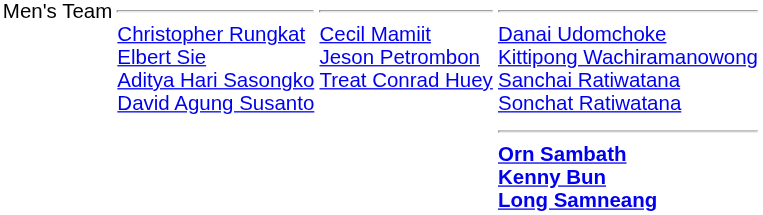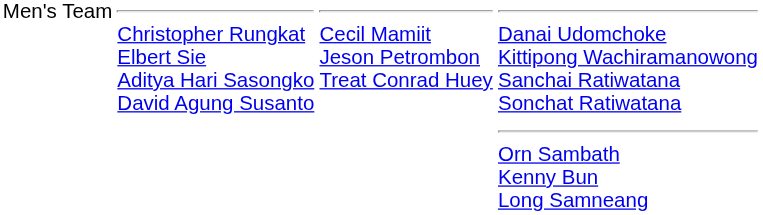 <table>
 <tr style="vertical-align:top">
 <td rowspan=2>Men's Team</td>
 <td rowspan=2> <hr> <a href='#'>Christopher Rungkat</a> <br> <a href='#'>Elbert Sie</a> <br> <a href='#'>Aditya Hari Sasongko</a> <br> <a href='#'>David Agung Susanto</a></td>
 <td rowspan=2> <hr> <a href='#'>Cecil Mamiit</a> <br> <a href='#'>Jeson Petrombon</a> <br> <a href='#'>Treat Conrad Huey</a> <br>  </td>
 <td> <hr> <a href='#'>Danai Udomchoke</a> <br> <a href='#'>Kittipong Wachiramanowong</a> <br> <a href='#'>Sanchai Ratiwatana</a> <br> <a href='#'>Sonchat Ratiwatana</a></td>
 </tr>
 <tr>
-<td><strong> <hr> <a href='#'>Orn Sambath</a> <br> <a href='#'>Kenny Bun</a> <br> <a href='#'>Long Samneang</a></strong></td>
+<td> <hr> <a href='#'>Orn Sambath</a> <br> <a href='#'>Kenny Bun</a> <br> <a href='#'>Long Samneang</a></td>
 </tr>
 <tr>
 </tr>
 </table>
